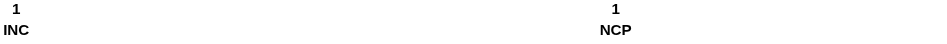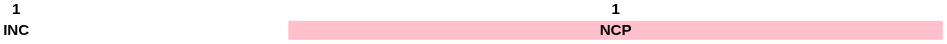 <table style="width:100%; text-align:center;">
 <tr>
 <td style="background:"><strong>1</strong></td>
 <td style="background:"><strong>1</strong></td>
 </tr>
 <tr>
 <td><span><strong>INC</strong></span></td>
-<td><span><strong>NCP</strong></span></td>
+<td style="background: pink;"><span><strong>NCP</strong></span></td>
 </tr>
 </table>
